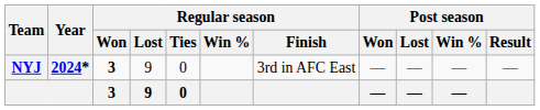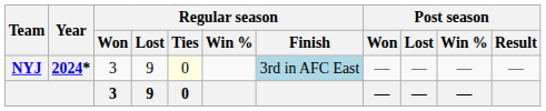 <table class="wikitable" style="font-size: 95%; text-align:center;">
 <tr>
 <th rowspan="2">Team</th>
 <th rowspan="2">Year</th>
 <th colspan="5">Regular season</th>
 <th colspan="4">Post season</th>
 </tr>
 <tr>
 <th>Won</th>
 <th>Lost</th>
 <th>Ties</th>
 <th>Win %</th>
 <th>Finish</th>
 <th>Won</th>
 <th>Lost</th>
 <th>Win %</th>
 <th>Result</th>
 </tr>
 <tr>
 <th><a href='#'>NYJ</a></th>
 <th><a href='#'>2024</a>*</th>
-<td><strong>3</strong></td>
+<td>3</td>
 <td>9</td>
-<td>0</td>
+<td style="background: lightyellow;">0</td>
 <td></td>
-<td>3rd in AFC East</td>
+<td style="background: lightblue;">3rd in AFC East</td>
 <td>—</td>
 <td>—</td>
 <td>—</td>
 <td>—</td>
 </tr>
 <tr>
 <th colspan="2"></th>
 <th>3</th>
 <th>9</th>
 <th>0</th>
 <th></th>
 <th></th>
 <th>—</th>
 <th>—</th>
 <th>—</th>
 <th></th>
 </tr>
 </table>
